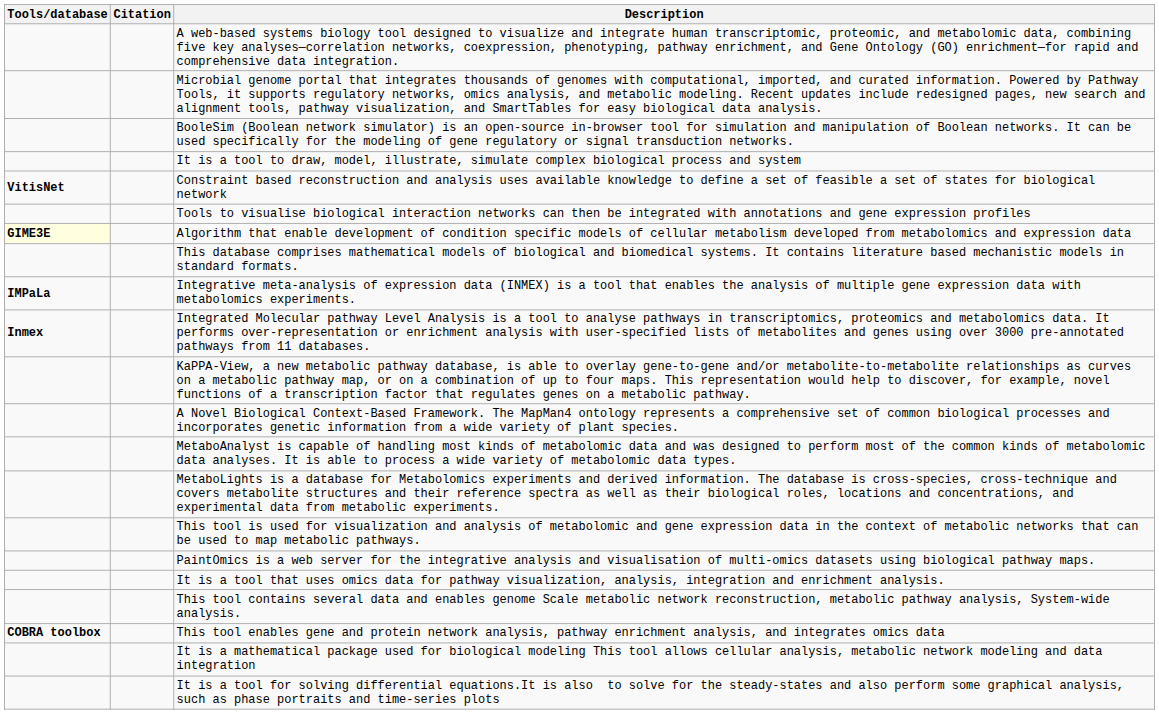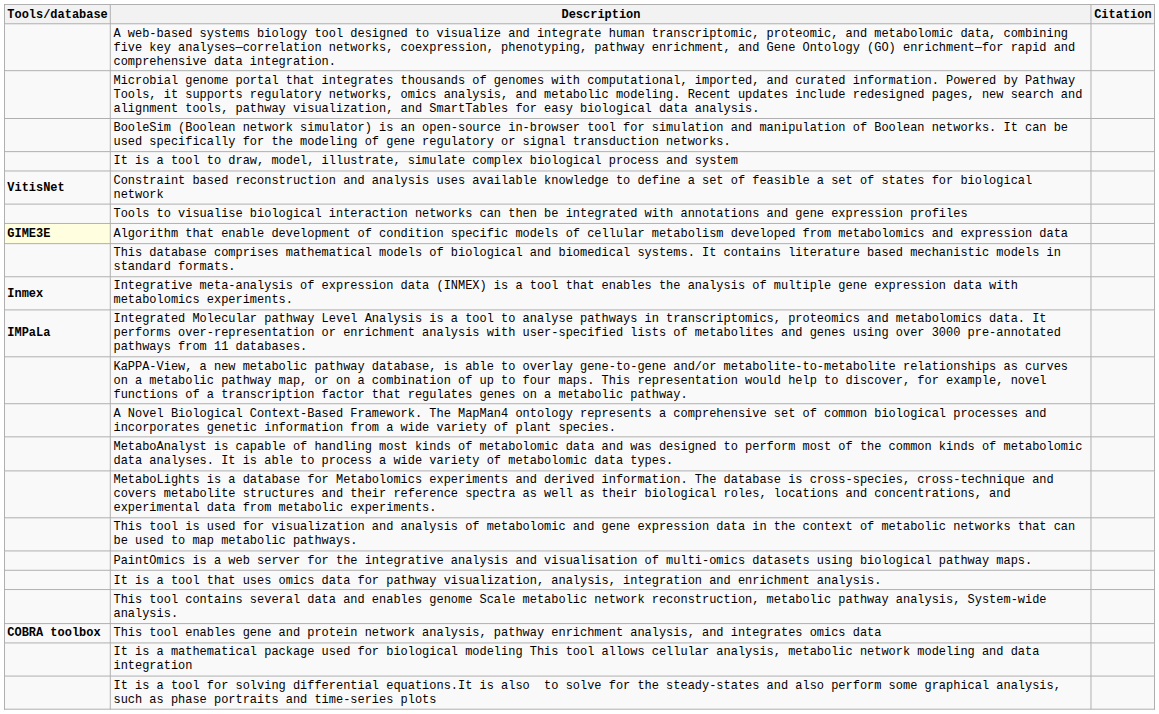 <table class="wikitable">
 <tr>
 <th>Tools/database</th>
+<th>Description</th>
 <th>Citation</th>
-<th>Description</th>
 </tr>
 <tr>
 <td></td>
+<td>A web-based systems biology tool designed to visualize and integrate human transcriptomic, proteomic, and metabolomic data, combining five key analyses—correlation networks, coexpression, phenotyping, pathway enrichment, and Gene Ontology (GO) enrichment—for rapid and comprehensive data integration.</td>
 <td></td>
-<td>A web-based systems biology tool designed to visualize and integrate human transcriptomic, proteomic, and metabolomic data, combining five key analyses—correlation networks, coexpression, phenotyping, pathway enrichment, and Gene Ontology (GO) enrichment—for rapid and comprehensive data integration.</td>
 </tr>
 <tr>
 <td></td>
+<td>Microbial genome portal that integrates thousands of genomes with computational, imported, and curated information. Powered by Pathway Tools, it supports regulatory networks, omics analysis, and metabolic modeling. Recent updates include redesigned pages, new search and alignment tools, pathway visualization, and SmartTables for easy biological data analysis.</td>
 <td></td>
-<td>Microbial genome portal that integrates thousands of genomes with computational, imported, and curated information. Powered by Pathway Tools, it supports regulatory networks, omics analysis, and metabolic modeling. Recent updates include redesigned pages, new search and alignment tools, pathway visualization, and SmartTables for easy biological data analysis.</td>
 </tr>
 <tr>
 <td></td>
+<td>BooleSim (Boolean network simulator) is an open-source in-browser tool for simulation and manipulation of Boolean networks. It can be used specifically for the modeling of gene regulatory or signal transduction networks.</td>
 <td></td>
-<td>BooleSim (Boolean network simulator) is an open-source in-browser tool for simulation and manipulation of Boolean networks. It can be used specifically for the modeling of gene regulatory or signal transduction networks.</td>
 </tr>
 <tr>
 <td></td>
+<td>It is a tool to draw, model, illustrate, simulate complex biological process and system</td>
 <td></td>
-<td>It is a tool to draw, model, illustrate, simulate complex biological process and system</td>
 </tr>
 <tr>
 <td><strong>VitisNet</strong></td>
+<td>Constraint based reconstruction and analysis uses available knowledge to define a set of feasible a set of states for biological network</td>
 <td></td>
-<td>Constraint based reconstruction and analysis uses available knowledge to define a set of feasible a set of states for biological network</td>
 </tr>
 <tr>
 <td></td>
+<td>Tools to visualise biological interaction networks can then be integrated with annotations and gene expression profiles</td>
 <td></td>
-<td>Tools to visualise biological interaction networks can then be integrated with annotations and gene expression profiles</td>
 </tr>
 <tr>
 <td style="background: lightyellow;"><strong>GIME3E</strong></td>
+<td>Algorithm that enable development of condition specific models of cellular metabolism developed from metabolomics and expression data</td>
 <td></td>
-<td>Algorithm that enable development of condition specific models of cellular metabolism developed from metabolomics and expression data</td>
 </tr>
 <tr>
 <td></td>
+<td>This database comprises mathematical models of biological and biomedical systems. It contains literature based mechanistic models in standard formats.</td>
 <td></td>
-<td>This database comprises mathematical models of biological and biomedical systems. It contains literature based mechanistic models in standard formats.</td>
+</tr>
+<tr>
+<td><strong>Inmex</strong></td>
+<td>Integrative meta-analysis of expression data (INMEX) is a tool that enables the analysis of multiple gene expression data with metabolomics experiments.</td>
+<td></td>
 </tr>
 <tr>
 <td><strong>IMPaLa</strong></td>
+<td>Integrated Molecular pathway Level Analysis is a tool to analyse pathways in transcriptomics, proteomics and metabolomics data. It performs over-representation or enrichment analysis with user-specified lists of metabolites and genes using over 3000 pre-annotated pathways from 11 databases.</td>
 <td></td>
-<td>Integrative meta-analysis of expression data (INMEX) is a tool that enables the analysis of multiple gene expression data with metabolomics experiments.</td>
-</tr>
-<tr>
-<td><strong>Inmex</strong></td>
-<td></td>
-<td>Integrated Molecular pathway Level Analysis is a tool to analyse pathways in transcriptomics, proteomics and metabolomics data. It performs over-representation or enrichment analysis with user-specified lists of metabolites and genes using over 3000 pre-annotated pathways from 11 databases.</td>
 </tr>
 <tr>
 <td></td>
+<td>KaPPA-View, a new metabolic pathway database, is able to overlay gene-to-gene and/or metabolite-to-metabolite relationships as curves on a metabolic pathway map, or on a combination of up to four maps. This representation would help to discover, for example, novel functions of a transcription factor that regulates genes on a metabolic pathway.</td>
 <td></td>
-<td>KaPPA-View, a new metabolic pathway database, is able to overlay gene-to-gene and/or metabolite-to-metabolite relationships as curves on a metabolic pathway map, or on a combination of up to four maps. This representation would help to discover, for example, novel functions of a transcription factor that regulates genes on a metabolic pathway.</td>
 </tr>
 <tr>
 <td></td>
+<td>A Novel Biological Context-Based Framework. The MapMan4 ontology represents a comprehensive set of common biological processes and incorporates genetic information from a wide variety of plant species.</td>
 <td></td>
-<td>A Novel Biological Context-Based Framework. The MapMan4 ontology represents a comprehensive set of common biological processes and incorporates genetic information from a wide variety of plant species.</td>
 </tr>
 <tr>
 <td></td>
+<td>MetaboAnalyst is capable of handling most kinds of metabolomic data and was designed to perform most of the common kinds of metabolomic data analyses. It is able to process a wide variety of metabolomic data types.</td>
 <td></td>
-<td>MetaboAnalyst is capable of handling most kinds of metabolomic data and was designed to perform most of the common kinds of metabolomic data analyses. It is able to process a wide variety of metabolomic data types.</td>
 </tr>
 <tr>
 <td></td>
+<td>MetaboLights is a database for Metabolomics experiments and derived information. The database is cross-species, cross-technique and covers metabolite structures and their reference spectra as well as their biological roles, locations and concentrations, and experimental data from metabolic experiments.</td>
 <td></td>
-<td>MetaboLights is a database for Metabolomics experiments and derived information. The database is cross-species, cross-technique and covers metabolite structures and their reference spectra as well as their biological roles, locations and concentrations, and experimental data from metabolic experiments.</td>
 </tr>
 <tr>
 <td></td>
+<td>This tool is used for visualization and analysis of metabolomic and gene expression data in the context of metabolic networks that can be used to map metabolic pathways.</td>
 <td></td>
-<td>This tool is used for visualization and analysis of metabolomic and gene expression data in the context of metabolic networks that can be used to map metabolic pathways.</td>
 </tr>
 <tr>
 <td></td>
+<td>PaintOmics is a web server for the integrative analysis and visualisation of multi-omics datasets using biological pathway maps.</td>
 <td></td>
-<td>PaintOmics is a web server for the integrative analysis and visualisation of multi-omics datasets using biological pathway maps.</td>
 </tr>
 <tr>
 <td></td>
+<td>It is a tool that uses omics data for pathway visualization, analysis, integration and enrichment analysis.</td>
 <td></td>
-<td>It is a tool that uses omics data for pathway visualization, analysis, integration and enrichment analysis.</td>
 </tr>
 <tr>
 <td></td>
+<td>This tool contains several data and enables genome Scale metabolic network reconstruction, metabolic pathway analysis, System-wide analysis.</td>
 <td></td>
-<td>This tool contains several data and enables genome Scale metabolic network reconstruction, metabolic pathway analysis, System-wide analysis.</td>
 </tr>
 <tr>
 <td><strong>COBRA toolbox</strong></td>
+<td>This tool enables gene and protein network analysis, pathway enrichment analysis, and integrates omics data</td>
 <td></td>
-<td>This tool enables gene and protein network analysis, pathway enrichment analysis, and integrates omics data</td>
 </tr>
 <tr>
 <td></td>
+<td>It is a mathematical package used for biological modeling This tool allows cellular analysis, metabolic network modeling and data integration</td>
 <td></td>
-<td>It is a mathematical package used for biological modeling This tool allows cellular analysis, metabolic network modeling and data integration</td>
 </tr>
 <tr>
 <td></td>
+<td>It is a tool for solving differential equations.It is also  to solve for the steady-states and also perform some graphical analysis, such as phase portraits and time-series plots</td>
 <td></td>
-<td>It is a tool for solving differential equations.It is also  to solve for the steady-states and also perform some graphical analysis, such as phase portraits and time-series plots</td>
 </tr>
 </table>
